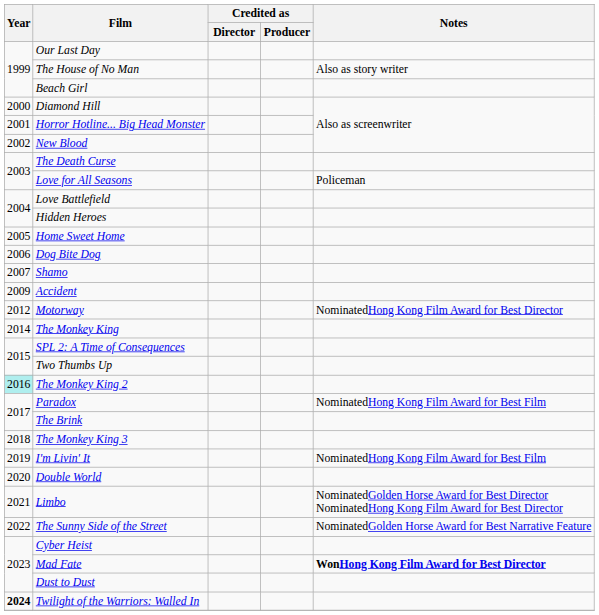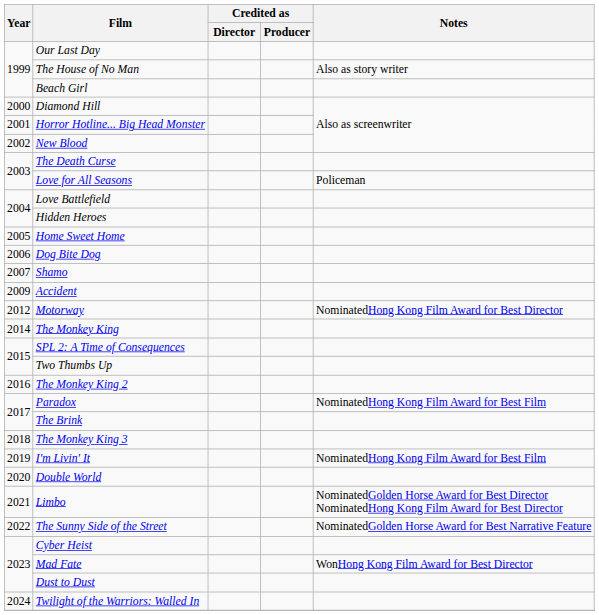 <table class="wikitable sortable">
 <tr>
 <th rowspan="2">Year</th>
 <th rowspan="2">Film</th>
 <th colspan="2">Credited as</th>
 <th rowspan="2" class="unsortable">Notes</th>
 </tr>
 <tr>
 <th width=65>Director</th>
 <th width=65>Producer</th>
 </tr>
 <tr>
 <td rowspan="3">1999</td>
 <td><em>Our Last Day</em></td>
 <td></td>
 <td></td>
 <td></td>
 </tr>
 <tr>
 <td><em>The House of No Man</em></td>
 <td></td>
 <td></td>
 <td>Also as story writer</td>
 </tr>
 <tr>
 <td><em>Beach Girl</em></td>
 <td></td>
 <td></td>
 <td></td>
 </tr>
 <tr>
 <td>2000</td>
 <td><em>Diamond Hill</em></td>
 <td></td>
 <td></td>
 <td rowspan="3">Also as screenwriter</td>
 </tr>
 <tr>
 <td>2001</td>
 <td><em><a href='#'>Horror Hotline... Big Head Monster</a></em></td>
 <td></td>
 <td></td>
 </tr>
 <tr>
 <td>2002</td>
 <td><em><a href='#'>New Blood</a></em></td>
 <td></td>
 <td></td>
 </tr>
 <tr>
 <td rowspan="2">2003</td>
 <td><em><a href='#'>The Death Curse</a></em></td>
 <td></td>
 <td></td>
 <td></td>
 </tr>
 <tr>
 <td><em><a href='#'>Love for All Seasons</a></em></td>
 <td></td>
 <td></td>
 <td>Policeman</td>
 </tr>
 <tr>
 <td rowspan="2">2004</td>
 <td><em>Love Battlefield</em></td>
 <td></td>
 <td></td>
 <td></td>
 </tr>
 <tr>
 <td><em>Hidden Heroes</em></td>
 <td></td>
 <td></td>
 <td></td>
 </tr>
 <tr>
 <td>2005</td>
 <td><em><a href='#'>Home Sweet Home</a></em></td>
 <td></td>
 <td></td>
 <td></td>
 </tr>
 <tr>
 <td>2006</td>
 <td><em><a href='#'>Dog Bite Dog</a></em></td>
 <td></td>
 <td></td>
 <td></td>
 </tr>
 <tr>
 <td>2007</td>
 <td><em><a href='#'>Shamo</a></em></td>
 <td></td>
 <td></td>
 <td></td>
 </tr>
 <tr>
 <td>2009</td>
 <td><em><a href='#'>Accident</a></em></td>
 <td></td>
 <td></td>
 <td></td>
 </tr>
 <tr>
 <td>2012</td>
 <td><em><a href='#'>Motorway</a></em></td>
 <td></td>
 <td></td>
 <td>Nominated<a href='#'>Hong Kong Film Award for Best Director</a></td>
 </tr>
 <tr>
 <td>2014</td>
 <td><em><a href='#'>The Monkey King</a></em></td>
 <td></td>
 <td></td>
 <td></td>
 </tr>
 <tr>
 <td rowspan="2">2015</td>
 <td><em><a href='#'>SPL 2: A Time of Consequences</a></em></td>
 <td></td>
 <td></td>
 <td></td>
 </tr>
 <tr>
 <td><em>Two Thumbs Up</em></td>
 <td></td>
 <td></td>
 <td></td>
 </tr>
 <tr>
-<td style="background: paleturquoise;">2016</td>
+<td>2016</td>
 <td><em><a href='#'>The Monkey King 2</a></em></td>
 <td></td>
 <td></td>
 <td></td>
 </tr>
 <tr>
 <td rowspan="2">2017</td>
 <td><em><a href='#'>Paradox</a></em></td>
 <td></td>
 <td></td>
 <td>Nominated<a href='#'>Hong Kong Film Award for Best Film</a></td>
 </tr>
 <tr>
 <td><em><a href='#'>The Brink</a></em></td>
 <td></td>
 <td></td>
 <td></td>
 </tr>
 <tr>
 <td>2018</td>
 <td><em><a href='#'>The Monkey King 3</a></em></td>
 <td></td>
 <td></td>
 <td></td>
 </tr>
 <tr>
 <td>2019</td>
 <td><em><a href='#'>I'm Livin' It</a></em></td>
 <td></td>
 <td></td>
 <td>Nominated<a href='#'>Hong Kong Film Award for Best Film</a></td>
 </tr>
 <tr>
 <td>2020</td>
 <td><em><a href='#'>Double World</a></em></td>
 <td></td>
 <td></td>
 <td></td>
 </tr>
 <tr>
 <td>2021</td>
 <td><em><a href='#'>Limbo</a></em></td>
 <td></td>
 <td></td>
 <td>Nominated<a href='#'>Golden Horse Award for Best Director</a><br>Nominated<a href='#'>Hong Kong Film Award for Best Director</a></td>
 </tr>
 <tr>
 <td>2022</td>
 <td><em><a href='#'>The Sunny Side of the Street</a></em></td>
 <td></td>
 <td></td>
 <td>Nominated<a href='#'>Golden Horse Award for Best Narrative Feature</a></td>
 </tr>
 <tr>
 <td rowspan="3">2023</td>
 <td><em><a href='#'>Cyber Heist</a></em></td>
 <td></td>
 <td></td>
 <td></td>
 </tr>
 <tr>
 <td><em><a href='#'>Mad Fate</a></em></td>
 <td></td>
 <td></td>
-<td><strong>Won<a href='#'>Hong Kong Film Award for Best Director</a></strong></td>
+<td>Won<a href='#'>Hong Kong Film Award for Best Director</a></td>
 </tr>
 <tr>
 <td><em><a href='#'>Dust to Dust</a></em></td>
 <td></td>
 <td></td>
 <td></td>
 </tr>
 <tr>
-<td><strong>2024</strong></td>
+<td>2024</td>
 <td><em><a href='#'>Twilight of the Warriors: Walled In</a></em></td>
 <td></td>
 <td></td>
 <td></td>
 </tr>
 <tr>
 </tr>
 </table>
